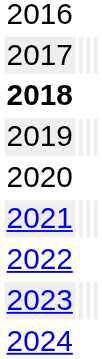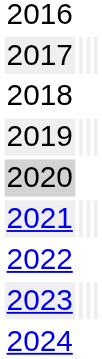 <table>
 <tr>
 <td>2016</td>
 <td></td>
 <td></td>
 <td></td>
 </tr>
 <tr bgcolor="#EFEFEF">
 <td>2017</td>
 <td></td>
 <td></td>
 <td></td>
 </tr>
 <tr>
-<td><strong>2018</strong></td>
+<td>2018</td>
 <td></td>
 <td></td>
 <td></td>
 </tr>
 <tr bgcolor="#EFEFEF">
 <td>2019</td>
 <td></td>
 <td></td>
 <td></td>
 </tr>
 <tr>
-<td>2020</td>
+<td style="background: lightgrey;">2020</td>
 <td></td>
 <td></td>
 <td></td>
 </tr>
 <tr bgcolor="#EFEFEF">
 <td><a href='#'>2021</a><br></td>
 <td></td>
 <td></td>
 <td></td>
 </tr>
 <tr>
 <td><a href='#'>2022</a><br></td>
 <td></td>
 <td></td>
 <td></td>
 </tr>
 <tr bgcolor="#EFEFEF">
 <td><a href='#'>2023</a><br></td>
 <td></td>
 <td></td>
 <td></td>
 </tr>
 <tr>
 <td><a href='#'>2024</a><br></td>
 <td></td>
 <td></td>
 <td></td>
 </tr>
 </table>
